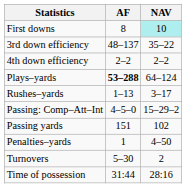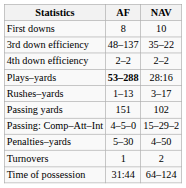 <table class="wikitable">
 <tr>
 <th>Statistics</th>
 <th>AF</th>
 <th>NAV</th>
 </tr>
 <tr>
 <td>First downs</td>
 <td align=center>8</td>
-<td align=center style="background: paleturquoise;">10</td>
+<td align=center>10</td>
 </tr>
 <tr>
 <td>3rd down efficiency</td>
 <td align=center>48–137</td>
 <td align=center>35–22</td>
 </tr>
 <tr>
 <td>4th down efficiency</td>
 <td align=center>2–2</td>
 <td align=center>2–2</td>
 </tr>
 <tr>
 <td>Plays–yards</td>
 <td align=center><strong>53–288</strong></td>
-<td align=center>64–124</td>
+<td align=center>28:16</td>
 </tr>
 <tr>
 <td>Rushes–yards</td>
 <td align=center>1–13</td>
 <td align=center>3–17</td>
 </tr>
 <tr>
+<td>Passing yards</td>
+<td align=center>151</td>
+<td align=center>102</td>
+</tr>
+<tr>
 <td>Passing: Comp–Att–Int</td>
 <td align=center>4–5–0</td>
 <td align=center>15–29–2</td>
 </tr>
 <tr>
-<td>Passing yards</td>
-<td align=center>151</td>
-<td align=center>102</td>
-</tr>
-<tr>
 <td>Penalties–yards</td>
-<td align=center>1</td>
+<td align=center>5–30</td>
 <td align=center>4–50</td>
 </tr>
 <tr>
 <td>Turnovers</td>
-<td align=center>5–30</td>
+<td align=center>1</td>
 <td align=center>2</td>
 </tr>
 <tr>
 <td>Time of possession</td>
 <td align=center>31:44</td>
-<td align=center>28:16</td>
+<td align=center>64–124</td>
 </tr>
 </table>
